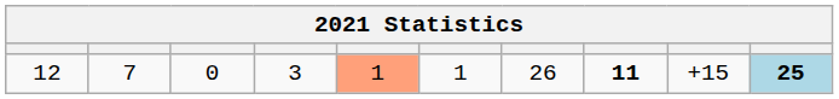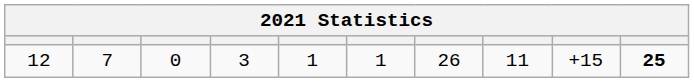 <table class="wikitable" style="text-align: center;">
 <tr>
 <th colspan=10><strong>2021 Statistics</strong></th>
 </tr>
 <tr>
 <th style="width: 40px;"></th>
 <th style="width: 40px;"></th>
 <th style="width: 40px;"></th>
 <th style="width: 40px;"></th>
 <th style="width: 40px;"></th>
 <th style="width: 40px;"></th>
 <th style="width: 40px;"></th>
 <th style="width: 40px;"></th>
 <th style="width: 40px;"></th>
 <th style="width: 40px;"></th>
 </tr>
 <tr>
 <td>12</td>
 <td>7</td>
 <td>0</td>
 <td>3</td>
-<td style="background: lightsalmon;">1</td>
+<td>1</td>
 <td>1</td>
 <td>26</td>
-<td><strong>11</strong></td>
+<td>11</td>
 <td>+15</td>
-<td style="background: lightblue;"><strong>25</strong></td>
+<td><strong>25</strong></td>
 </tr>
 </table>
